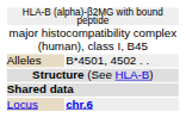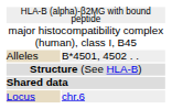 <table id="drugInfoBox" style="float: right; clear: right; margin: 0 0 0.5em 1em; background: #ffffff;" class="toccolours" border=0 cellpadding=0 align="right" width="240px">
 <tr align="center">
 <td colspan="3"></td>
 </tr>
 <tr style="text-align: center; line-height: 0.75;background:#eeeeee">
 <td colspan="3" color="white"><small>HLA-B (alpha)-β2MG with bound peptide</small></td>
 </tr>
 <tr>
 <td align="center" colspan="3"><div>major histocompatibility complex (human), class I, B45</div></td>
 </tr>
 <tr>
 <td bgcolor="#e7dcc3">Alleles</td>
 <td colspan = 2  bgcolor="#eeeeee">B*4501, 4502 . .</td>
 </tr>
 <tr align="center">
 <td colspan="3" bgcolor="#dddddd"><strong>Structure</strong> (See <a href='#'>HLA-B</a>)</td>
 </tr>
 <tr>
 <td colspan="2" bgcolor="#dddddd"><strong>Shared data</strong></td>
 </tr>
 <tr>
 <td bgcolor="#e7dcc3"><a href='#'>Locus</a></td>
-<td bgcolor="#eeeeee"><strong><a href='#'>chr.6</a> <em></em></strong></td>
+<td bgcolor="#eeeeee"><a href='#'>chr.6</a> <em></em></td>
 </tr>
 </table>
